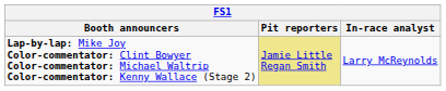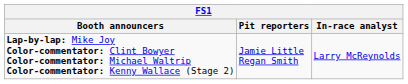 <table class="wikitable" style="font-size: 95%">
 <tr>
 <th colspan="3"><a href='#'>FS1</a></th>
 </tr>
 <tr>
 <th>Booth announcers</th>
 <th>Pit reporters</th>
 <th>In-race analyst</th>
 </tr>
 <tr>
 <td><strong>Lap-by-lap:</strong> <a href='#'>Mike Joy</a><br><strong>Color-commentator:</strong> <a href='#'>Clint Bowyer</a><br><strong>Color-commentator:</strong> <a href='#'>Michael Waltrip</a><br><strong>Color-commentator:</strong> <a href='#'>Kenny Wallace</a> (Stage 2)</td>
-<td style="background: khaki;"><a href='#'>Jamie Little</a><br><a href='#'>Regan Smith</a></td>
+<td><a href='#'>Jamie Little</a><br><a href='#'>Regan Smith</a></td>
 <td><a href='#'>Larry McReynolds</a></td>
 </tr>
 </table>
